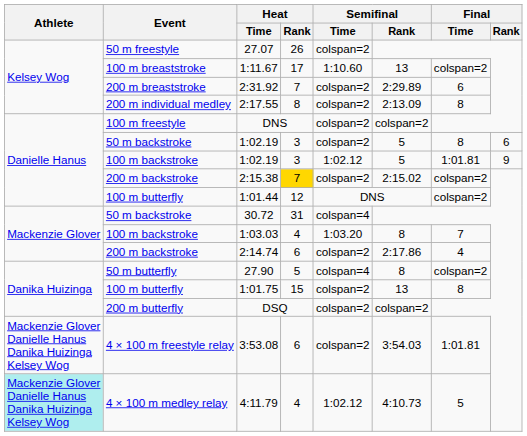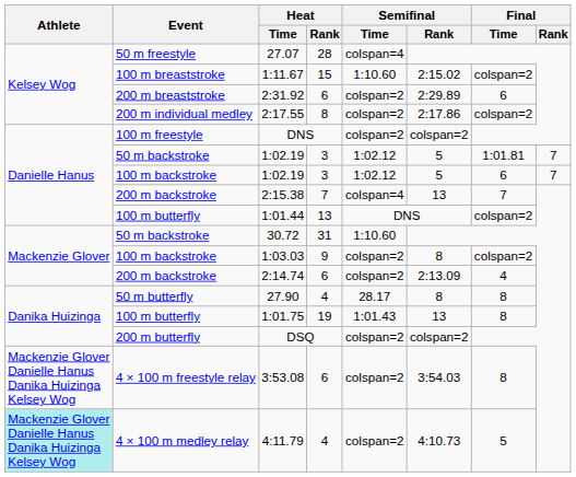 <table class=wikitable style="font-size:90%">
 <tr>
 <th rowspan=2>Athlete</th>
 <th rowspan=2>Event</th>
 <th colspan="2">Heat</th>
 <th colspan="2">Semifinal</th>
 <th colspan="2">Final</th>
 </tr>
 <tr style="font-size:95%">
 <th>Time</th>
 <th>Rank</th>
 <th>Time</th>
 <th>Rank</th>
 <th>Time</th>
 <th>Rank</th>
 </tr>
 <tr align=center>
 <td align=left rowspan=4><a href='#'>Kelsey Wog</a></td>
 <td align=left><a href='#'>50 m freestyle</a></td>
 <td>27.07</td>
-<td>26</td>
-<td>colspan=2 </td>
+<td>28</td>
+<td>colspan=4 </td>
 </tr>
 <tr align=center>
 <td align=left><a href='#'>100 m breaststroke</a></td>
 <td>1:11.67</td>
-<td>17</td>
+<td>15</td>
 <td>1:10.60</td>
-<td>13</td>
+<td>2:15.02</td>
 <td>colspan=2 </td>
 </tr>
 <tr align=center>
 <td align=left><a href='#'>200 m breaststroke</a></td>
 <td>2:31.92</td>
-<td>7</td>
+<td>6</td>
 <td>colspan=2 </td>
 <td>2:29.89</td>
 <td>6</td>
 </tr>
 <tr align=center>
 <td align=left><a href='#'>200 m individual medley</a></td>
 <td>2:17.55</td>
 <td>8</td>
 <td>colspan=2 </td>
-<td>2:13.09</td>
-<td>8</td>
+<td>2:17.86</td>
+<td>colspan=2 </td>
 </tr>
 <tr align=center>
 <td align=left rowspan=5><a href='#'>Danielle Hanus</a></td>
 <td align=left><a href='#'>100 m freestyle</a></td>
 <td colspan=2>DNS</td>
 <td>colspan=2 </td>
 <td>colspan=2 </td>
 </tr>
 <tr align=center>
 <td align=left><a href='#'>50 m backstroke</a></td>
 <td>1:02.19</td>
 <td>3</td>
-<td>colspan=2 </td>
+<td>1:02.12</td>
 <td>5</td>
-<td>8</td>
-<td>6</td>
+<td>1:01.81</td>
+<td>7</td>
 </tr>
 <tr align=center>
 <td align=left><a href='#'>100 m backstroke</a></td>
 <td>1:02.19</td>
 <td>3</td>
 <td>1:02.12</td>
 <td>5</td>
-<td>1:01.81</td>
-<td>9</td>
+<td>6</td>
+<td>7</td>
 </tr>
 <tr align=center>
 <td align=left><a href='#'>200 m backstroke</a></td>
 <td>2:15.38</td>
-<td style="background: gold;">7</td>
-<td>colspan=2 </td>
-<td>2:15.02</td>
-<td>colspan=2 </td>
+<td>7</td>
+<td>colspan=4 </td>
+<td>13</td>
+<td>7</td>
 </tr>
 <tr align=center>
 <td align=left><a href='#'>100 m butterfly</a></td>
 <td>1:01.44</td>
-<td>12</td>
+<td>13</td>
 <td colspan=2>DNS</td>
 <td>colspan=2 </td>
 </tr>
 <tr align=center>
 <td align=left rowspan=3><a href='#'>Mackenzie Glover</a></td>
 <td align=left><a href='#'>50 m backstroke</a></td>
 <td>30.72</td>
 <td>31</td>
-<td>colspan=4 </td>
+<td>1:10.60</td>
 </tr>
 <tr align=center>
 <td align=left><a href='#'>100 m backstroke</a></td>
 <td>1:03.03</td>
-<td>4</td>
-<td>1:03.20</td>
+<td>9</td>
+<td>colspan=2 </td>
 <td>8</td>
-<td>7</td>
+<td>colspan=2 </td>
 </tr>
 <tr align=center>
 <td align=left><a href='#'>200 m backstroke</a></td>
 <td>2:14.74</td>
 <td>6</td>
 <td>colspan=2 </td>
-<td>2:17.86</td>
+<td>2:13.09</td>
 <td>4</td>
 </tr>
 <tr align=center>
 <td align=left rowspan=3><a href='#'>Danika Huizinga</a></td>
 <td align=left><a href='#'>50 m butterfly</a></td>
 <td>27.90</td>
-<td>5</td>
-<td>colspan=4 </td>
+<td>4</td>
+<td>28.17</td>
 <td>8</td>
-<td>colspan=2 </td>
+<td>8</td>
 </tr>
 <tr align=center>
 <td align=left><a href='#'>100 m butterfly</a></td>
 <td>1:01.75</td>
-<td>15</td>
-<td>colspan=2 </td>
+<td>19</td>
+<td>1:01.43</td>
 <td>13</td>
 <td>8</td>
 </tr>
 <tr align=center>
 <td align=left><a href='#'>200 m butterfly</a></td>
 <td colspan=2>DSQ</td>
 <td>colspan=2 </td>
 <td>colspan=2 </td>
 </tr>
 <tr align=center>
 <td align=left><a href='#'>Mackenzie Glover</a><br><a href='#'>Danielle Hanus</a><br><a href='#'>Danika Huizinga</a><br><a href='#'>Kelsey Wog</a></td>
 <td align=left><a href='#'>4 × 100 m freestyle relay</a></td>
 <td>3:53.08</td>
 <td>6</td>
 <td>colspan=2 </td>
 <td>3:54.03</td>
-<td>1:01.81</td>
+<td>8</td>
 </tr>
 <tr align=center>
 <td align=left style="background: paleturquoise;"><a href='#'>Mackenzie Glover</a><br><a href='#'>Danielle Hanus</a><br><a href='#'>Danika Huizinga</a><br><a href='#'>Kelsey Wog</a></td>
 <td align=left><a href='#'>4 × 100 m medley relay</a></td>
 <td>4:11.79</td>
 <td>4</td>
-<td>1:02.12</td>
+<td>colspan=2 </td>
 <td>4:10.73</td>
 <td>5</td>
 </tr>
 </table>
